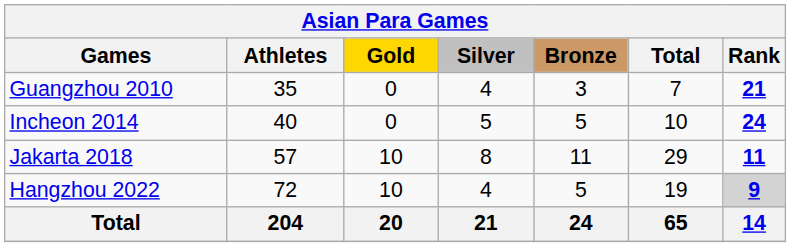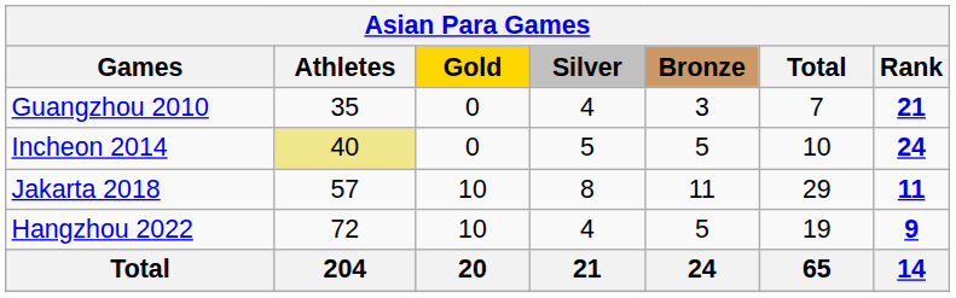 <table class="wikitable sortable" style="margin-top:0em; text-align:center; font-size:100%;">
 <tr>
 <th colspan=9><a href='#'>Asian Para Games</a></th>
 </tr>
 <tr>
 <th style="width:10em;">Games</th>
 <th scope="col" style="width:5em;">Athletes</th>
 <th style="width:4em; background:gold;">Gold</th>
 <th style="width:4em; background:silver;">Silver</th>
 <th style="width:4em; background:#cc9966;">Bronze</th>
 <th style="width:4em;">Total</th>
 <th style="width:2em;">Rank</th>
 </tr>
 <tr>
 <td align=left> <a href='#'>Guangzhou 2010</a></td>
 <td>35</td>
 <td>0</td>
 <td>4</td>
 <td>3</td>
 <td>7</td>
 <td><a href='#'><strong>21</strong></a></td>
 </tr>
 <tr>
 <td align=left> <a href='#'>Incheon 2014</a></td>
-<td>40</td>
+<td style="background: khaki;">40</td>
 <td>0</td>
 <td>5</td>
 <td>5</td>
 <td>10</td>
 <td><a href='#'><strong>24</strong></a></td>
 </tr>
 <tr>
 <td align=left> <a href='#'>Jakarta 2018</a></td>
 <td>57</td>
 <td>10</td>
 <td>8</td>
 <td>11</td>
 <td>29</td>
 <td><a href='#'><strong>11</strong></a></td>
 </tr>
 <tr>
 <td align=left> <a href='#'>Hangzhou 2022</a></td>
 <td>72</td>
 <td>10</td>
 <td>4</td>
 <td>5</td>
 <td>19</td>
-<td style="background: lightgrey;"><a href='#'><strong>9</strong></a></td>
+<td><a href='#'><strong>9</strong></a></td>
 </tr>
 <tr>
 <th><strong>Total</strong></th>
 <th><strong>204</strong></th>
 <th><strong>20</strong></th>
 <th><strong>21</strong></th>
 <th><strong>24</strong></th>
 <th><strong>65</strong></th>
 <th><strong><a href='#'>14</a></strong></th>
 </tr>
 <tr class="sortbottom">
 </tr>
 </table>
